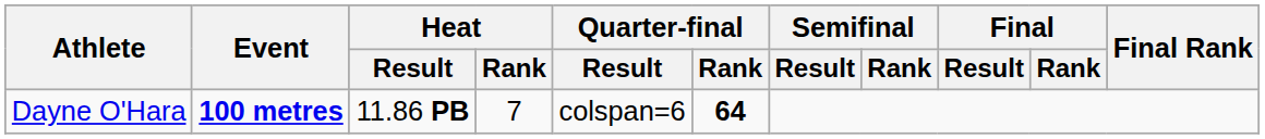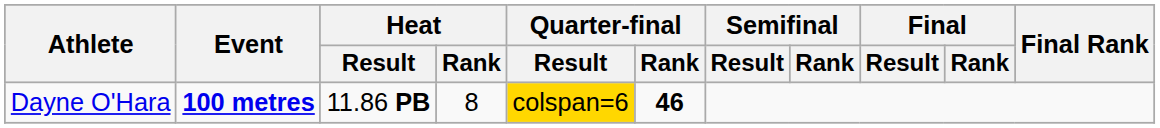 <table class="wikitable" style="font-size:90%">
 <tr>
 <th rowspan="2">Athlete</th>
 <th rowspan="2">Event</th>
 <th colspan="2">Heat</th>
 <th colspan="2">Quarter-final</th>
 <th colspan="2">Semifinal</th>
 <th colspan="2">Final</th>
 <th colspan="2" rowspan="2">Final Rank</th>
 </tr>
 <tr style="font-size:95%">
 <th>Result</th>
 <th>Rank</th>
 <th>Result</th>
 <th>Rank</th>
 <th>Result</th>
 <th>Rank</th>
 <th>Result</th>
 <th>Rank</th>
 </tr>
 <tr align=center>
 <td align=left><a href='#'>Dayne O'Hara</a></td>
 <td align=left><strong><a href='#'>100 metres</a></strong></td>
 <td>11.86 <strong>PB</strong></td>
-<td>7</td>
-<td>colspan=6 </td>
-<td><strong>64</strong></td>
+<td>8</td>
+<td style="background: gold;">colspan=6 </td>
+<td><strong>46</strong></td>
 </tr>
 </table>
